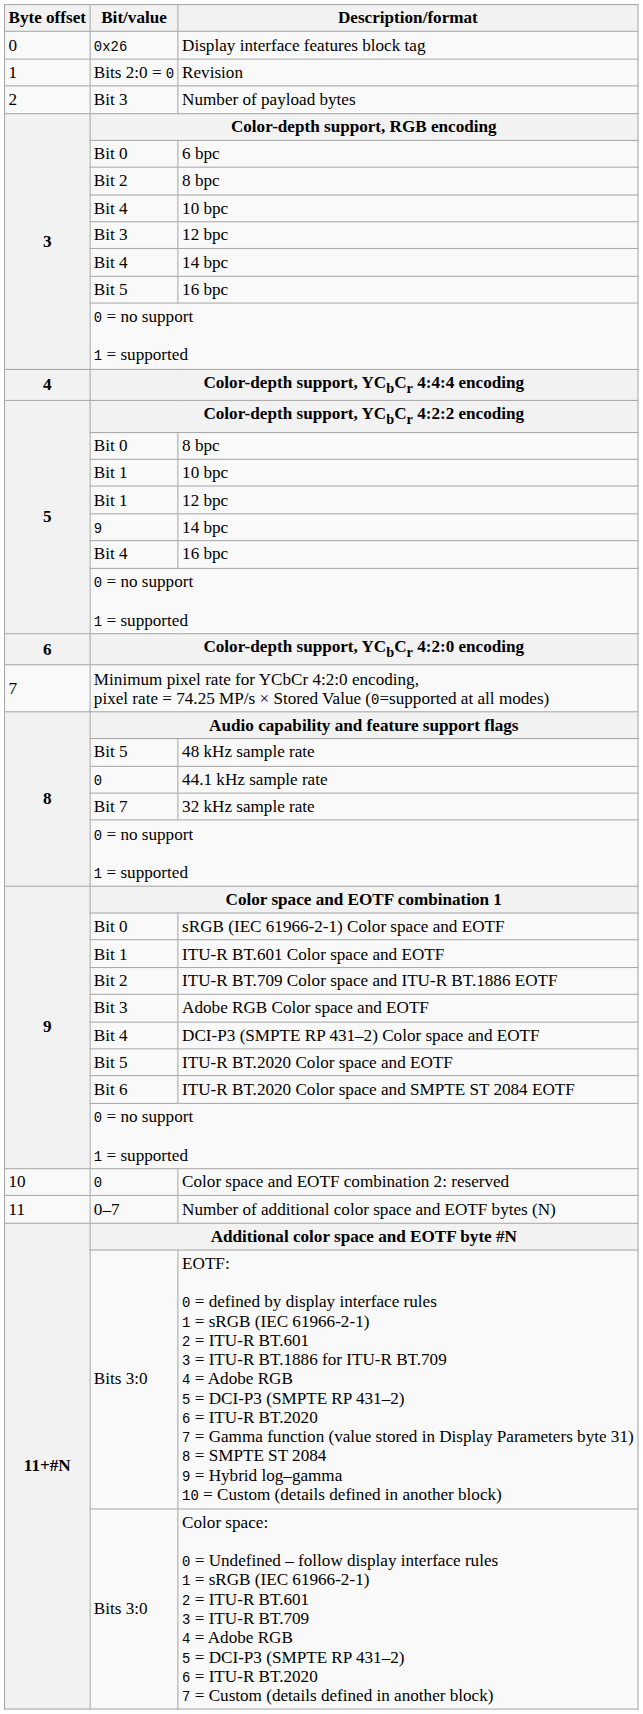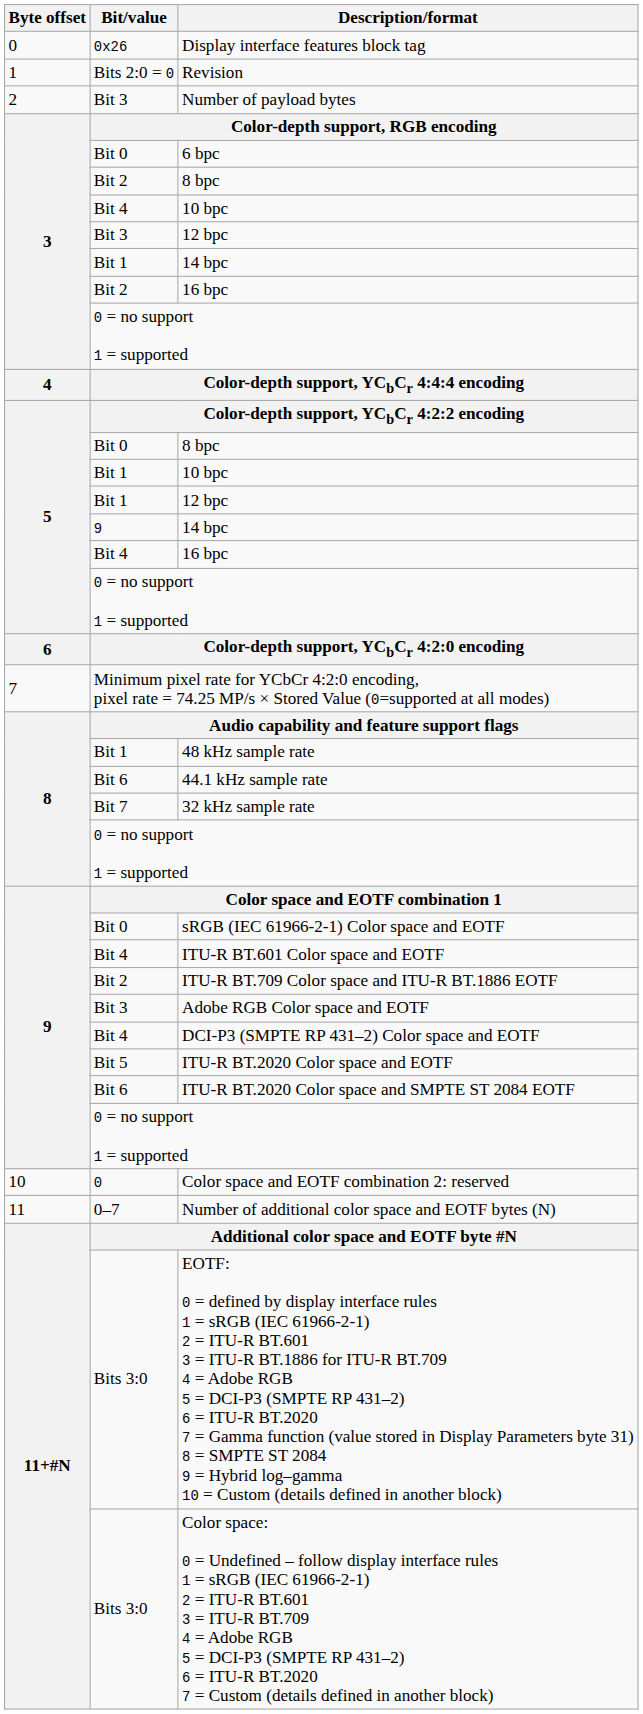 <table class=wikitable>
 <tr>
 <th>Byte offset</th>
 <th>Bit/value</th>
 <th>Description/format</th>
 </tr>
 <tr>
 <td>0</td>
 <td><code>0x26</code></td>
 <td>Display interface features block tag</td>
 </tr>
 <tr>
 <td>1</td>
 <td>Bits 2:0 = <code>0</code></td>
 <td>Revision</td>
 </tr>
 <tr>
 <td>2</td>
 <td>Bit 3</td>
 <td>Number of payload bytes</td>
 </tr>
 <tr>
 <th rowspan=8>3</th>
 <th colspan=2>Color-depth support, RGB encoding</th>
 </tr>
 <tr>
 <td>Bit 0</td>
 <td>6 bpc</td>
 </tr>
 <tr>
 <td>Bit 2</td>
 <td>8 bpc</td>
 </tr>
 <tr>
 <td>Bit 4</td>
 <td>10 bpc</td>
 </tr>
 <tr>
 <td>Bit 3</td>
 <td>12 bpc</td>
 </tr>
 <tr>
-<td>Bit 4</td>
+<td>Bit 1</td>
 <td>14 bpc</td>
 </tr>
 <tr>
-<td>Bit 5</td>
+<td>Bit 2</td>
 <td>16 bpc</td>
 </tr>
 <tr>
 <td colspan=2><code>0</code> = no support<br><br><code>1</code> = supported</td>
 </tr>
 <tr>
 <th>4</th>
 <th colspan=2>Color-depth support, YC<sub>b</sub>C<sub>r</sub> 4:4:4 encoding</th>
 </tr>
 <tr>
 <th rowspan=7>5</th>
 <th colspan=2>Color-depth support, YC<sub>b</sub>C<sub>r</sub> 4:2:2 encoding</th>
 </tr>
 <tr>
 <td>Bit 0</td>
 <td>8 bpc</td>
 </tr>
 <tr>
 <td>Bit 1</td>
 <td>10 bpc</td>
 </tr>
 <tr>
 <td>Bit 1</td>
 <td>12 bpc</td>
 </tr>
 <tr>
 <td><code>9</code></td>
 <td>14 bpc</td>
 </tr>
 <tr>
 <td>Bit 4</td>
 <td>16 bpc</td>
 </tr>
 <tr>
 <td colspan=2><code>0</code> = no support<br><br><code>1</code> = supported</td>
 </tr>
 <tr>
 <th>6</th>
 <th colspan=2>Color-depth support, YC<sub>b</sub>C<sub>r</sub> 4:2:0 encoding</th>
 </tr>
 <tr>
 <td>7</td>
 <td colspan=2>Minimum pixel rate for YCbCr 4:2:0 encoding,<br> pixel rate = 74.25 MP/s × Stored Value (<code>0</code>=supported at all modes)</td>
 </tr>
 <tr>
 <th rowspan=5>8</th>
 <th colspan=2>Audio capability and feature support flags</th>
 </tr>
 <tr>
-<td>Bit 5</td>
+<td>Bit 1</td>
 <td>48 kHz sample rate</td>
 </tr>
 <tr>
-<td><code>0</code></td>
+<td>Bit 6</td>
 <td>44.1 kHz sample rate</td>
 </tr>
 <tr>
 <td>Bit 7</td>
 <td>32 kHz sample rate</td>
 </tr>
 <tr>
 <td colspan=2><code>0</code> = no support<br><br><code>1</code> = supported</td>
 </tr>
 <tr>
 <th rowspan=9>9</th>
 <th colspan=2>Color space and EOTF combination 1</th>
 </tr>
 <tr>
 <td>Bit 0</td>
 <td>sRGB (IEC 61966-2-1) Color space and EOTF</td>
 </tr>
 <tr>
-<td>Bit 1</td>
+<td>Bit 4</td>
 <td>ITU-R BT.601 Color space and EOTF</td>
 </tr>
 <tr>
 <td>Bit 2</td>
 <td>ITU-R BT.709 Color space and ITU-R BT.1886 EOTF</td>
 </tr>
 <tr>
 <td>Bit 3</td>
 <td>Adobe RGB Color space and EOTF</td>
 </tr>
 <tr>
 <td>Bit 4</td>
 <td>DCI-P3 (SMPTE RP 431–2) Color space and EOTF</td>
 </tr>
 <tr>
 <td>Bit 5</td>
 <td>ITU-R BT.2020 Color space and EOTF</td>
 </tr>
 <tr>
 <td>Bit 6</td>
 <td>ITU-R BT.2020 Color space and SMPTE ST 2084 EOTF</td>
 </tr>
 <tr>
 <td colspan=2><code>0</code> = no support<br><br><code>1</code> = supported</td>
 </tr>
 <tr>
 <td>10</td>
 <td><code>0</code></td>
 <td>Color space and EOTF combination 2: reserved</td>
 </tr>
 <tr>
 <td>11</td>
 <td>0–7</td>
 <td>Number of additional color space and EOTF bytes (N)</td>
 </tr>
 <tr>
 <th rowspan=3>11+#N</th>
 <th colspan=2>Additional color space and EOTF byte #N</th>
 </tr>
 <tr>
 <td>Bits 3:0</td>
 <td>EOTF:<br><br><code>0</code> = defined by display interface rules<br> <code>1</code> = sRGB (IEC 61966-2-1)<br> <code>2</code> = ITU-R BT.601<br> <code>3</code> = ITU-R BT.1886 for ITU-R BT.709<br> <code>4</code> = Adobe RGB<br>  <code>5</code> = DCI-P3 (SMPTE RP 431–2)<br>  <code>6</code> = ITU-R BT.2020<br> <code>7</code> = Gamma function (value stored in Display Parameters byte 31)<br> <code>8</code> = SMPTE ST 2084<br> <code>9</code> = Hybrid log–gamma<br> <code>10</code> = Custom (details defined in another block)</td>
 </tr>
 <tr>
 <td>Bits 3:0</td>
 <td>Color space:<br><br><code>0</code> = Undefined – follow display interface rules<br> <code>1</code> = sRGB (IEC 61966-2-1)<br> <code>2</code> = ITU-R BT.601<br> <code>3</code> = ITU-R BT.709<br> <code>4</code> = Adobe RGB<br>  <code>5</code> = DCI-P3 (SMPTE RP 431–2)<br>  <code>6</code> = ITU-R BT.2020<br> <code>7</code> = Custom (details defined in another block)</td>
 </tr>
 </table>
